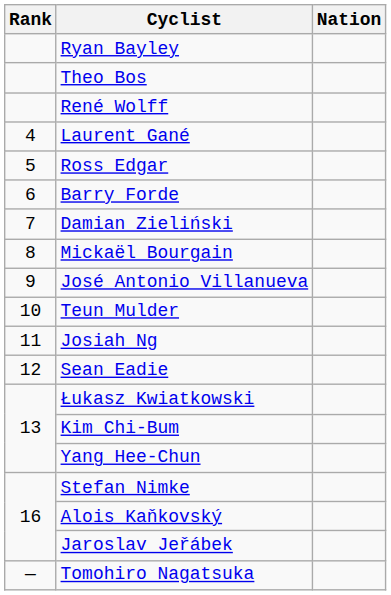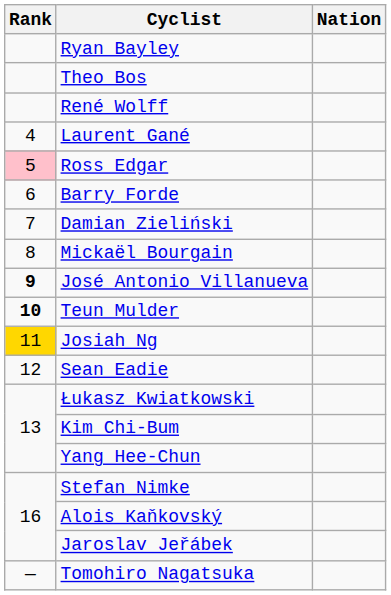 <table class="wikitable sortable">
 <tr>
 <th>Rank</th>
 <th>Cyclist</th>
 <th>Nation</th>
 </tr>
 <tr>
 <td align=center></td>
 <td><a href='#'>Ryan Bayley</a></td>
 <td></td>
 </tr>
 <tr>
 <td align=center></td>
 <td><a href='#'>Theo Bos</a></td>
 <td></td>
 </tr>
 <tr>
 <td align=center></td>
 <td><a href='#'>René Wolff</a></td>
 <td></td>
 </tr>
 <tr>
 <td align=center>4</td>
 <td><a href='#'>Laurent Gané</a></td>
 <td></td>
 </tr>
 <tr>
-<td align=center>5</td>
+<td align=center style="background: pink;">5</td>
 <td><a href='#'>Ross Edgar</a></td>
 <td></td>
 </tr>
 <tr>
 <td align=center>6</td>
 <td><a href='#'>Barry Forde</a></td>
 <td></td>
 </tr>
 <tr>
 <td align=center>7</td>
 <td><a href='#'>Damian Zieliński</a></td>
 <td></td>
 </tr>
 <tr>
 <td align=center>8</td>
 <td><a href='#'>Mickaël Bourgain</a></td>
 <td></td>
 </tr>
 <tr>
-<td align=center>9</td>
+<td align=center><strong>9</strong></td>
 <td><a href='#'>José Antonio Villanueva</a></td>
 <td></td>
 </tr>
 <tr>
-<td align=center>10</td>
+<td align=center><strong>10</strong></td>
 <td><a href='#'>Teun Mulder</a></td>
 <td></td>
 </tr>
 <tr>
-<td align=center>11</td>
+<td align=center style="background: gold;">11</td>
 <td><a href='#'>Josiah Ng</a></td>
 <td></td>
 </tr>
 <tr>
 <td align=center>12</td>
 <td><a href='#'>Sean Eadie</a></td>
 <td></td>
 </tr>
 <tr>
 <td align=center rowspan=3>13</td>
 <td><a href='#'>Łukasz Kwiatkowski</a></td>
 <td></td>
 </tr>
 <tr>
 <td><a href='#'>Kim Chi-Bum</a></td>
 <td></td>
 </tr>
 <tr>
 <td><a href='#'>Yang Hee-Chun</a></td>
 <td></td>
 </tr>
 <tr>
 <td align=center rowspan=3>16</td>
 <td><a href='#'>Stefan Nimke</a></td>
 <td></td>
 </tr>
 <tr>
 <td><a href='#'>Alois Kaňkovský</a></td>
 <td></td>
 </tr>
 <tr>
 <td><a href='#'>Jaroslav Jeřábek</a></td>
 <td></td>
 </tr>
 <tr>
 <td align=center data-sort-value=19>—</td>
 <td><a href='#'>Tomohiro Nagatsuka</a></td>
 <td></td>
 </tr>
 </table>
